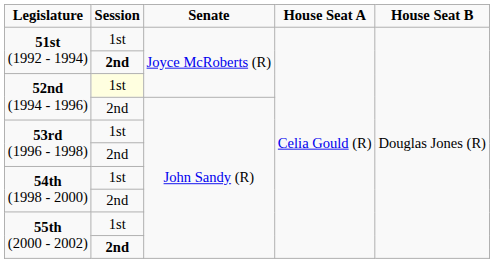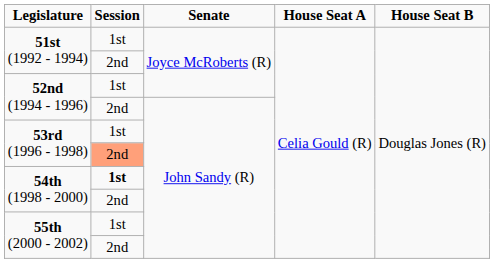 <table class=wikitable style="text-align:center">
 <tr>
 <td><strong>Legislature</strong></td>
 <td><strong>Session</strong></td>
 <td><strong>Senate</strong></td>
 <td><strong>House Seat A</strong></td>
 <td><strong>House Seat B</strong></td>
 </tr>
 <tr>
 <td rowspan="2" colspan="1" style="text-align: center;"><strong>51st</strong> <br> (1992 - 1994)</td>
 <td>1st</td>
 <td rowspan="3" colspan="1" style="text-align: center;" ><a href='#'>Joyce McRoberts</a> (R)</td>
 <td rowspan="10" colspan="1" style="text-align: center;" ><a href='#'>Celia Gould</a> (R)</td>
 <td rowspan="10" colspan="1" style="text-align: center;" >Douglas Jones (R)</td>
 </tr>
 <tr>
-<td><strong>2nd</strong></td>
+<td>2nd</td>
 </tr>
 <tr>
 <td rowspan="2" colspan="1" style="text-align: center;"><strong>52nd</strong> <br> (1994 - 1996)</td>
-<td style="background: lightyellow;">1st</td>
+<td>1st</td>
 </tr>
 <tr>
 <td>2nd</td>
 <td rowspan="7" colspan="1" style="text-align: center;" ><a href='#'>John Sandy</a> (R)</td>
 </tr>
 <tr>
 <td rowspan="2" colspan="1" style="text-align: center;"><strong>53rd</strong> <br> (1996 - 1998)</td>
 <td>1st</td>
 </tr>
 <tr>
-<td>2nd</td>
+<td style="background: lightsalmon;">2nd</td>
 </tr>
 <tr>
 <td rowspan="2" colspan="1" style="text-align: center;"><strong>54th</strong> <br> (1998 - 2000)</td>
-<td>1st</td>
+<td><strong>1st</strong></td>
 </tr>
 <tr>
 <td>2nd</td>
 </tr>
 <tr>
 <td rowspan="2" colspan="1" style="text-align: center;"><strong>55th</strong> <br> (2000 - 2002)</td>
 <td>1st</td>
 </tr>
 <tr>
-<td><strong>2nd</strong></td>
+<td>2nd</td>
 </tr>
 </table>
